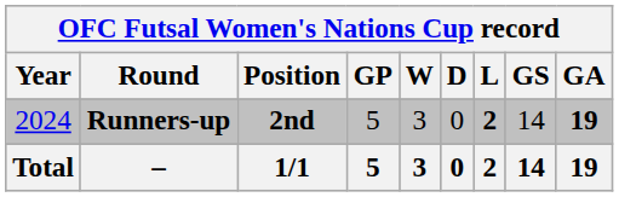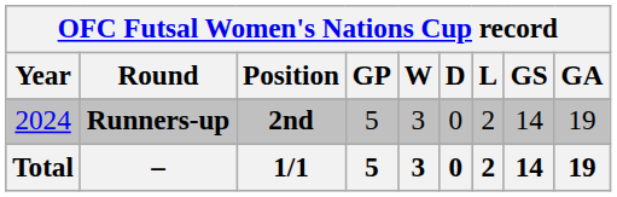 <table class="wikitable" style="text-align: center;font-size:90%;">
 <tr>
 <th colspan=9><a href='#'>OFC Futsal Women's Nations Cup</a> record</th>
 </tr>
 <tr>
 <th>Year</th>
 <th>Round</th>
 <th>Position</th>
 <th>GP</th>
 <th>W</th>
 <th>D</th>
 <th>L</th>
 <th>GS</th>
 <th>GA</th>
 </tr>
 <tr style="background:silver;">
 <td> <a href='#'>2024</a></td>
 <td><strong>Runners-up</strong></td>
 <td><strong>2nd</strong></td>
 <td>5</td>
 <td>3</td>
 <td>0</td>
-<td><strong>2</strong></td>
+<td>2</td>
 <td>14</td>
-<td><strong>19</strong></td>
+<td>19</td>
 </tr>
 <tr>
 <th><strong>Total</strong></th>
 <th>–</th>
 <th><strong>1/1</strong></th>
 <th><strong>5</strong></th>
 <th><strong>3</strong></th>
 <th><strong>0</strong></th>
 <th><strong>2</strong></th>
 <th><strong>14</strong></th>
 <th><strong>19</strong></th>
 </tr>
 </table>
